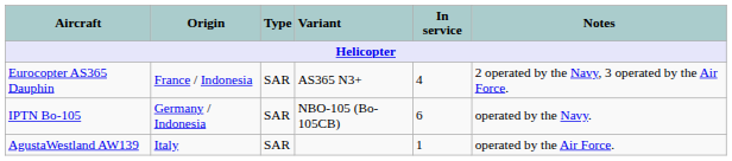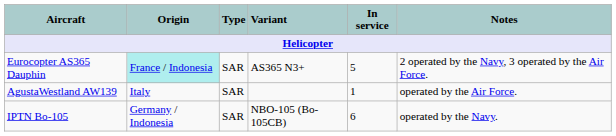 <table class="wikitable">
 <tr>
 <th style="text-align:center; background:#acc;">Aircraft</th>
 <th style="text-align: center; background:#acc;">Origin</th>
 <th style="text-align:l center; background:#acc;">Type</th>
 <th style="text-align:left; background:#acc;">Variant</th>
 <th style="text-align:center; background:#acc;">In service</th>
 <th style="text-align: center; background:#acc;">Notes</th>
 </tr>
 <tr>
 <th colspan="6" style="align: center; background: lavender;"><a href='#'>Helicopter</a></th>
 </tr>
 <tr>
 <td><a href='#'>Eurocopter AS365 Dauphin</a></td>
-<td><a href='#'>France</a> / <a href='#'>Indonesia</a></td>
+<td style="background: paleturquoise;"><a href='#'>France</a> / <a href='#'>Indonesia</a></td>
 <td>SAR</td>
 <td>AS365 N3+</td>
-<td>4</td>
+<td>5</td>
 <td>2 operated by the <a href='#'>Navy</a>, 3 operated by the <a href='#'>Air Force</a>.</td>
+</tr>
+<tr>
+<td><a href='#'>AgustaWestland AW139</a></td>
+<td><a href='#'>Italy</a></td>
+<td>SAR</td>
+<td></td>
+<td>1</td>
+<td>operated by the <a href='#'>Air Force</a>.</td>
 </tr>
 <tr>
 <td><a href='#'>IPTN Bo-105</a></td>
 <td><a href='#'>Germany</a> / <a href='#'>Indonesia</a></td>
 <td>SAR</td>
 <td>NBO-105 (Bo-105CB)</td>
 <td>6</td>
 <td>operated by the <a href='#'>Navy</a>.</td>
 </tr>
-<tr>
-<td><a href='#'>AgustaWestland AW139</a></td>
-<td><a href='#'>Italy</a></td>
-<td>SAR</td>
-<td></td>
-<td>1</td>
-<td>operated by the <a href='#'>Air Force</a>.</td>
-</tr>
 </table>
